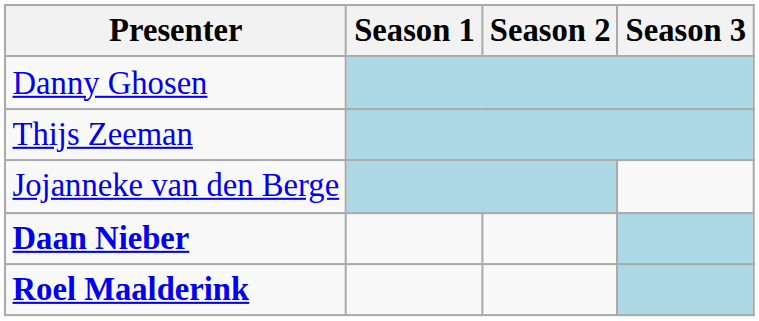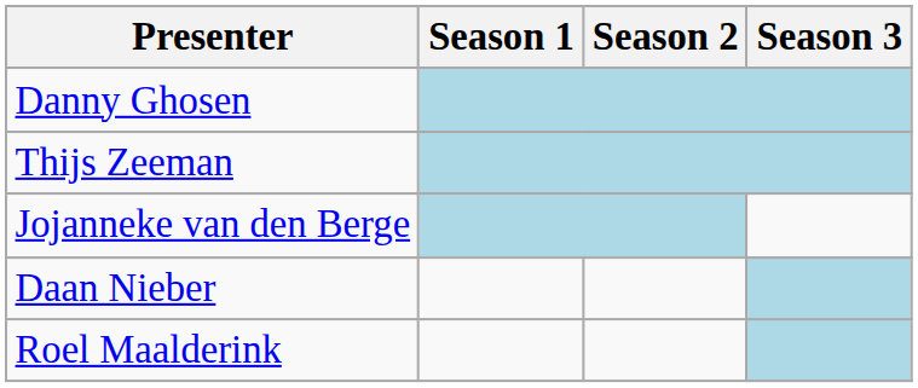 <table class="wikitable">
 <tr>
 <th>Presenter</th>
 <th>Season 1</th>
 <th>Season 2</th>
 <th>Season 3</th>
 </tr>
 <tr>
 <td><a href='#'>Danny Ghosen</a></td>
 <td colspan=3 style="text-align:center; background:lightblue"></td>
 </tr>
 <tr>
 <td><a href='#'>Thijs Zeeman</a></td>
 <td colspan=3 style="text-align:center; background:lightblue"></td>
 </tr>
 <tr>
 <td><a href='#'>Jojanneke van den Berge</a></td>
 <td colspan=2 style="text-align:center; background:lightblue"></td>
 <td></td>
 </tr>
 <tr>
-<td><strong><a href='#'>Daan Nieber</a></strong></td>
+<td><a href='#'>Daan Nieber</a></td>
 <td></td>
 <td></td>
 <td colspan=3 style="text-align:center; background:lightblue"></td>
 </tr>
 <tr>
-<td><strong><a href='#'>Roel Maalderink</a></strong></td>
+<td><a href='#'>Roel Maalderink</a></td>
 <td></td>
 <td></td>
 <td colspan=3 style="text-align:center; background:lightblue"></td>
 </tr>
 </table>
